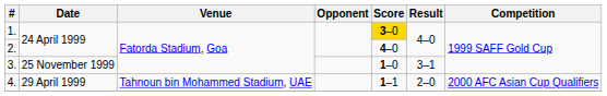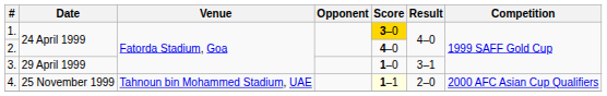 <table class="wikitable" style="font-size:95%">
 <tr>
 <th>#</th>
 <th>Date</th>
 <th>Venue</th>
 <th>Opponent</th>
 <th>Score</th>
 <th>Result</th>
 <th>Competition</th>
 </tr>
 <tr>
 <td>1.</td>
 <td rowspan=2>24 April 1999</td>
 <td rowspan=3><a href='#'>Fatorda Stadium</a>, <a href='#'>Goa</a></td>
 <td rowspan=2></td>
 <td style="background: gold; text-align:center;"><strong>3</strong>–0</td>
 <td rowspan=2 style="text-align:center;">4–0</td>
 <td rowspan=3><a href='#'>1999 SAFF Gold Cup</a></td>
 </tr>
 <tr>
 <td>2.</td>
 <td style="text-align:center;"><strong>4</strong>–0</td>
 </tr>
 <tr>
 <td>3.</td>
-<td>25 November 1999</td>
+<td>29 April 1999</td>
 <td></td>
 <td style="text-align:center;"><strong>1</strong>–0</td>
 <td style="text-align:center;">3–1</td>
 </tr>
 <tr>
 <td>4.</td>
-<td>29 April 1999</td>
+<td>25 November 1999</td>
 <td><a href='#'>Tahnoun bin Mohammed Stadium</a>, <a href='#'>UAE</a></td>
 <td></td>
-<td style="text-align:center;"><strong>1</strong>–1</td>
+<td style="background: lightyellow; text-align:center;"><strong>1</strong>–1</td>
 <td style="text-align:center;">2–0</td>
 <td><a href='#'>2000 AFC Asian Cup Qualifiers</a></td>
 </tr>
 <tr>
 </tr>
 </table>
